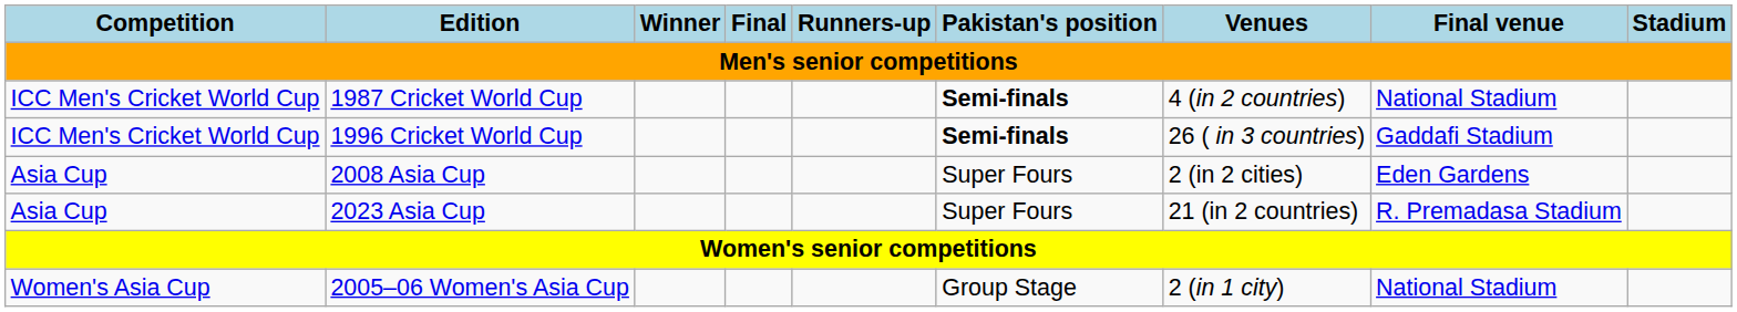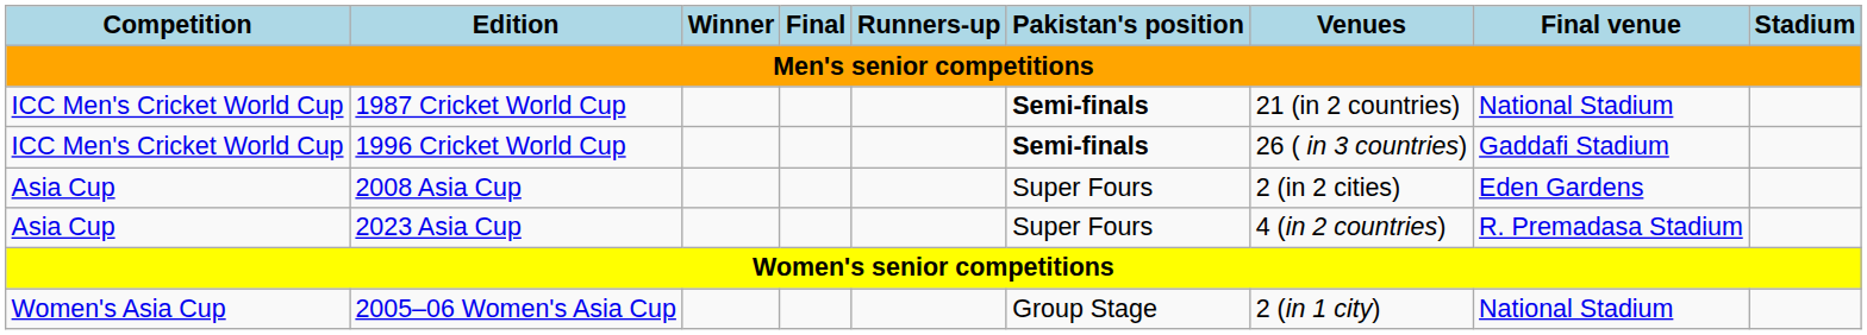 <table class="wikitable">
 <tr style="text-align:center; background:lightblue;">
 <td><strong>Competition</strong></td>
 <td><strong>Edition</strong></td>
 <td><strong>Winner</strong></td>
 <td><strong>Final</strong></td>
 <td><strong>Runners-up</strong></td>
 <td><strong>Pakistan's position</strong></td>
 <td><strong>Venues</strong></td>
 <td><strong>Final venue</strong></td>
 <td><strong>Stadium</strong></td>
 </tr>
 <tr>
 <td colspan="10"  style="text-align:center; background:orange;"><strong>Men's senior competitions</strong></td>
 </tr>
 <tr>
 <td><a href='#'>ICC Men's Cricket World Cup</a></td>
 <td><a href='#'>1987 Cricket World Cup</a></td>
 <td><strong></strong></td>
 <td></td>
 <td></td>
 <td><strong>Semi-finals</strong></td>
-<td>4 (<em>in 2 countries</em>)</td>
+<td>21 (in 2 countries)</td>
 <td><a href='#'>National Stadium</a></td>
 <td></td>
 </tr>
 <tr>
 <td><a href='#'>ICC Men's Cricket World Cup</a></td>
 <td><a href='#'>1996 Cricket World Cup</a></td>
 <td><strong></strong></td>
 <td></td>
 <td></td>
 <td><strong>Semi-finals</strong></td>
 <td>26 (<em> in 3 countries</em>)</td>
 <td><a href='#'>Gaddafi Stadium</a></td>
 <td></td>
 </tr>
 <tr>
 <td><a href='#'>Asia Cup</a></td>
 <td><a href='#'>2008 Asia Cup</a></td>
 <td><strong></strong></td>
 <td></td>
 <td></td>
 <td>Super Fours</td>
 <td>2 (in 2 cities)</td>
 <td><a href='#'>Eden Gardens</a></td>
 <td></td>
 </tr>
 <tr>
 <td><a href='#'>Asia Cup</a></td>
 <td><a href='#'>2023 Asia Cup</a></td>
 <td><strong></strong></td>
 <td></td>
 <td></td>
 <td>Super Fours</td>
-<td>21 (in 2 countries)</td>
+<td>4 (<em>in 2 countries</em>)</td>
 <td><a href='#'>R. Premadasa Stadium</a></td>
 <td></td>
 </tr>
 <tr>
 <td colspan="10"  style="text-align:center; background:yellow;"><strong>Women's senior competitions</strong></td>
 </tr>
 <tr>
 <td><a href='#'>Women's Asia Cup</a></td>
 <td><a href='#'>2005–06 Women's Asia Cup</a></td>
 <td><strong></strong></td>
 <td></td>
 <td></td>
 <td>Group Stage</td>
 <td>2 (<em>in 1 city</em>)</td>
 <td><a href='#'>National Stadium</a></td>
 <td></td>
 </tr>
 </table>
